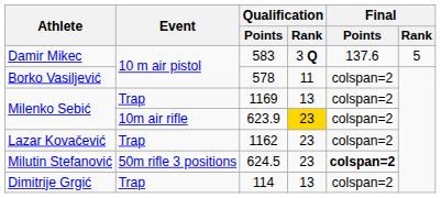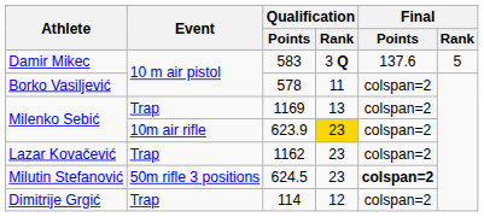 <table class="wikitable" style="font-size:90%">
 <tr>
 <th rowspan="2">Athlete</th>
 <th rowspan="2">Event</th>
 <th colspan=2>Qualification</th>
 <th colspan=2>Final</th>
 </tr>
 <tr style="font-size:95%">
 <th>Points</th>
 <th>Rank</th>
 <th>Points</th>
 <th>Rank</th>
 </tr>
 <tr align=center>
 <td align=left><a href='#'>Damir Mikec</a></td>
 <td rowspan="2" align="left"><a href='#'>10 m air pistol</a></td>
 <td>583</td>
 <td>3 <strong>Q</strong></td>
 <td>137.6</td>
 <td>5</td>
 </tr>
 <tr align=center>
 <td align=left><a href='#'>Borko Vasiljević</a></td>
 <td>578</td>
 <td>11</td>
 <td>colspan=2 </td>
 </tr>
 <tr align=center>
 <td rowspan="2" align="left"><a href='#'>Milenko Sebić</a></td>
 <td align="left"><a href='#'>Trap</a></td>
 <td>1169</td>
 <td>13</td>
 <td>colspan=2 </td>
 </tr>
 <tr align=center>
 <td align="left"><a href='#'>10m air rifle</a></td>
 <td>623.9</td>
 <td style="background: gold;">23</td>
 <td>colspan=2 </td>
 </tr>
 <tr align=center>
 <td align=left><a href='#'>Lazar Kovačević</a></td>
 <td align="left"><a href='#'>Trap</a></td>
 <td>1162</td>
 <td>23</td>
 <td>colspan=2 </td>
 </tr>
 <tr align=center>
 <td align=left><a href='#'>Milutin Stefanović</a></td>
 <td align="left"><a href='#'>50m rifle 3 positions</a></td>
 <td>624.5</td>
 <td>23</td>
 <td><strong>colspan=2 </strong></td>
 </tr>
 <tr align=center>
 <td align=left><a href='#'>Dimitrije Grgić</a></td>
 <td align="left"><a href='#'>Trap</a></td>
 <td>114</td>
-<td>13</td>
+<td>12</td>
 <td>colspan=2 </td>
 </tr>
 </table>
